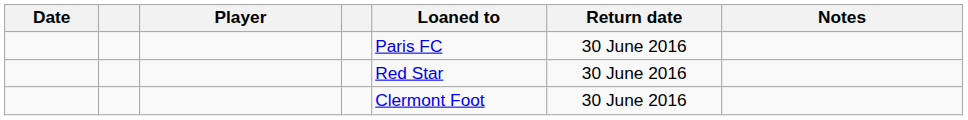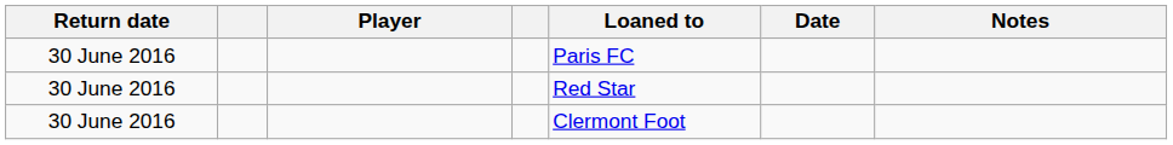 <table class="wikitable sortable">
 <tr>
-<th style="width:80px;">Date</th>
+<th style="width:155px;" class="unsortable">Return date</th>
 <th style="width:30px;"></th>
 <th style="width:180px;">Player</th>
 <th style="width:20px;"></th>
 <th style="width:155px;">Loaned to</th>
-<th style="width:155px;" class="unsortable">Return date</th>
+<th style="width:80px;">Date</th>
 <th style="width:215px;" class="unsortable">Notes</th>
 </tr>
 <tr>
-<td></td>
+<td align=center>30 June 2016</td>
 <td align=center></td>
 <td> </td>
 <td></td>
 <td> <a href='#'>Paris FC</a></td>
-<td align=center>30 June 2016</td>
+<td></td>
 <td align=center></td>
 </tr>
 <tr>
-<td></td>
+<td align=center>30 June 2016</td>
 <td align=center></td>
 <td> </td>
 <td></td>
 <td> <a href='#'>Red Star</a></td>
-<td align=center>30 June 2016</td>
+<td></td>
 <td align=center></td>
 </tr>
 <tr>
-<td></td>
+<td align=center>30 June 2016</td>
 <td align=center></td>
 <td> </td>
 <td></td>
 <td> <a href='#'>Clermont Foot</a></td>
-<td align=center>30 June 2016</td>
+<td></td>
 <td align=center></td>
 </tr>
 </table>
